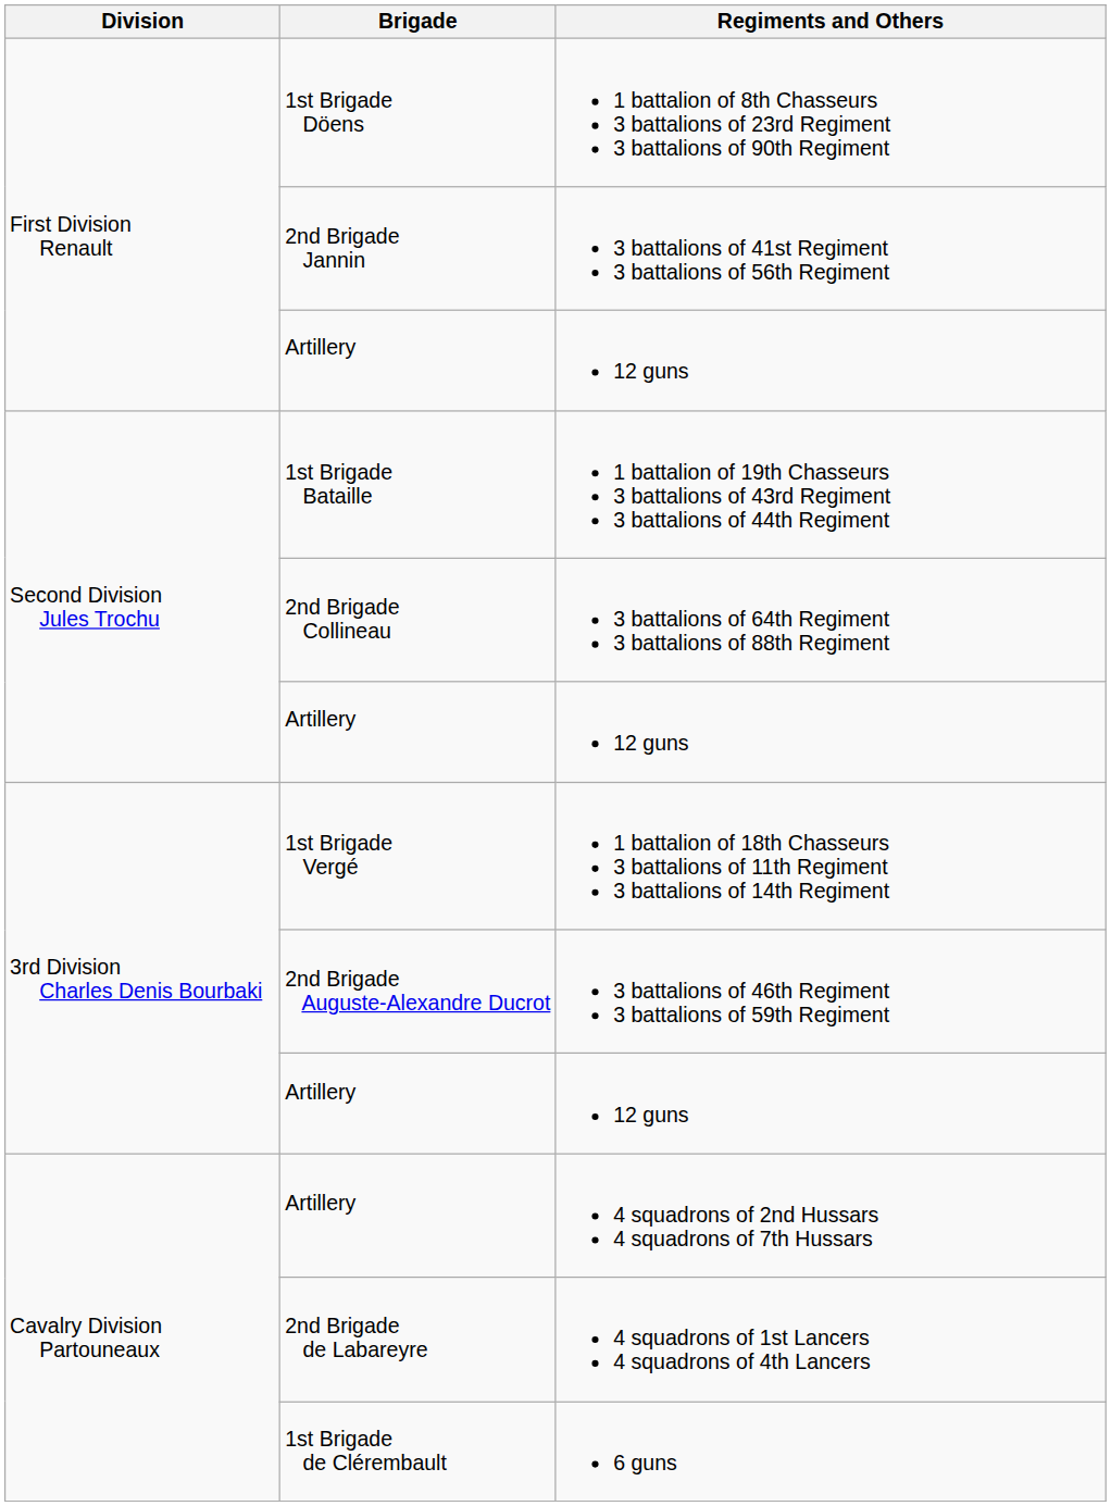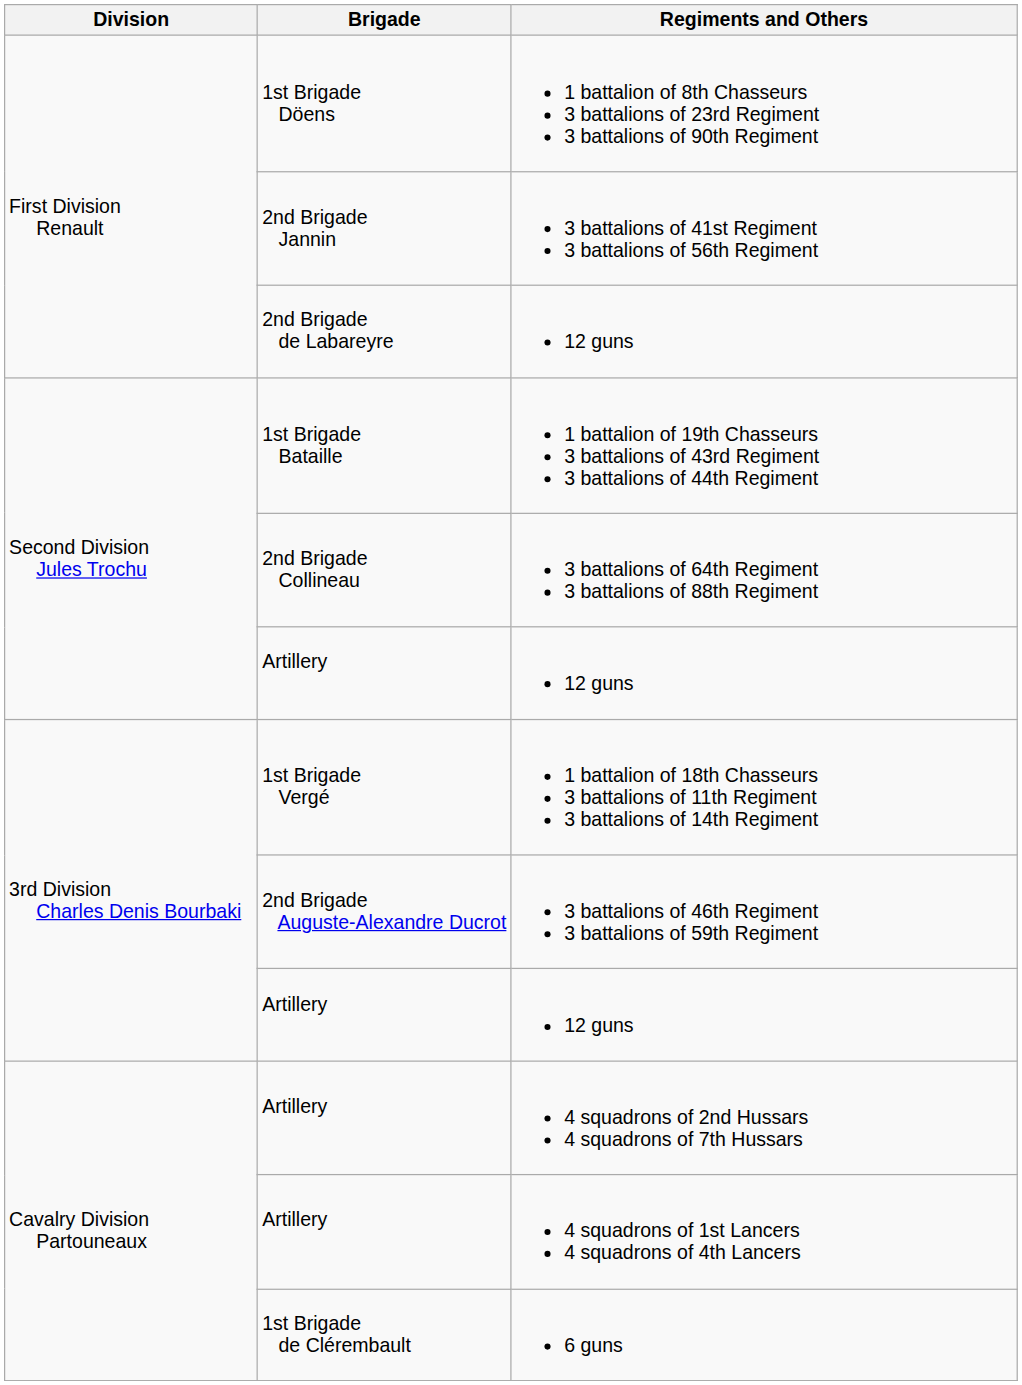 <table class="wikitable">
 <tr>
 <th width=25%>Division</th>
 <th width=25%>Brigade</th>
 <th>Regiments and Others</th>
 </tr>
 <tr>
 <td rowspan=3><br>First Division <br>     Renault</td>
 <td>1st Brigade<br>   Döens</td>
 <td><br><ul><li>1 battalion of 8th Chasseurs</li><li>3 battalions of 23rd Regiment</li><li>3 battalions of 90th Regiment</li></ul></td>
 </tr>
 <tr>
 <td>2nd Brigade<br>   Jannin</td>
 <td><br><ul><li>3 battalions of 41st Regiment</li><li>3 battalions of 56th Regiment</li></ul></td>
 </tr>
 <tr>
-<td>Artillery<br>  </td>
+<td>2nd Brigade<br>   de Labareyre</td>
 <td><br><ul><li>12 guns</li></ul></td>
 </tr>
 <tr>
 <td rowspan=3><br>Second Division <br>     <a href='#'>Jules Trochu</a></td>
 <td>1st Brigade<br>   Bataille</td>
 <td><br><ul><li>1 battalion of 19th Chasseurs</li><li>3 battalions of 43rd Regiment</li><li>3 battalions of 44th Regiment</li></ul></td>
 </tr>
 <tr>
 <td>2nd Brigade<br>   Collineau</td>
 <td><br><ul><li>3 battalions of 64th Regiment</li><li>3 battalions of 88th Regiment</li></ul></td>
 </tr>
 <tr>
 <td>Artillery<br>  </td>
 <td><br><ul><li>12 guns</li></ul></td>
 </tr>
 <tr>
 <td rowspan=3><br>3rd Division <br>     <a href='#'>Charles Denis Bourbaki</a></td>
 <td>1st Brigade<br>   Vergé</td>
 <td><br><ul><li>1 battalion of 18th Chasseurs</li><li>3 battalions of 11th Regiment</li><li>3 battalions of 14th Regiment</li></ul></td>
 </tr>
 <tr>
 <td>2nd Brigade<br>   <a href='#'>Auguste-Alexandre Ducrot</a></td>
 <td><br><ul><li>3 battalions of 46th Regiment</li><li>3 battalions of 59th Regiment</li></ul></td>
 </tr>
 <tr>
 <td>Artillery<br>  </td>
 <td><br><ul><li>12 guns</li></ul></td>
 </tr>
 <tr>
 <td rowspan=3><br>Cavalry Division <br>     Partouneaux</td>
 <td>Artillery<br>  </td>
 <td><br><ul><li>4 squadrons of 2nd Hussars</li><li>4 squadrons of 7th Hussars</li></ul></td>
 </tr>
 <tr>
-<td>2nd Brigade<br>   de Labareyre</td>
+<td>Artillery<br>  </td>
 <td><br><ul><li>4 squadrons of 1st Lancers</li><li>4 squadrons of 4th Lancers</li></ul></td>
 </tr>
 <tr>
 <td>1st Brigade<br>   de Clérembault</td>
 <td><br><ul><li>6 guns</li></ul></td>
 </tr>
 <tr>
 </tr>
 </table>
